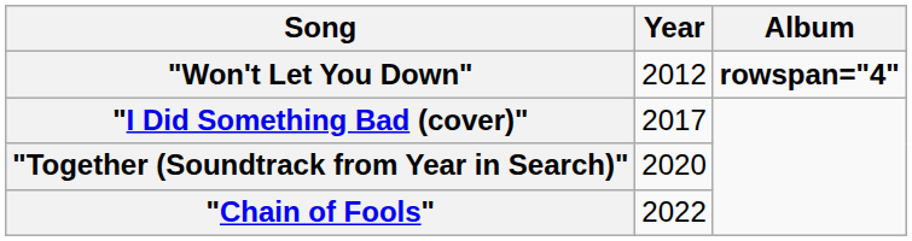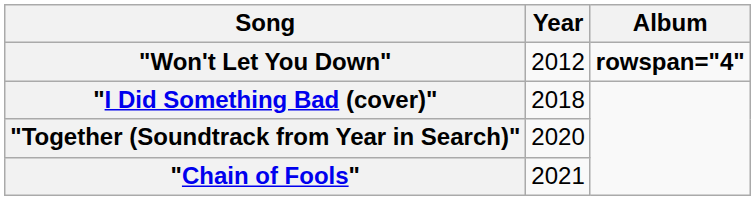 <table class="wikitable plainrowheaders" style="text-align:center;" border="1">
 <tr>
 <th>Song</th>
 <th>Year</th>
 <th>Album</th>
 </tr>
 <tr>
 <th scope="row">"Won't Let You Down"<br></th>
 <td>2012</td>
 <td><strong>rowspan="4" </strong></td>
 </tr>
 <tr>
 <th scope="row">"<a href='#'>I Did Something Bad</a> (cover)"<br></th>
-<td>2017</td>
+<td>2018</td>
 </tr>
 <tr>
 <th scope="row">"Together (Soundtrack from Year in Search)"<br></th>
 <td>2020</td>
 </tr>
 <tr>
 <th scope="row">"<a href='#'>Chain of Fools</a>"<br></th>
-<td>2022</td>
+<td>2021</td>
 </tr>
 </table>
